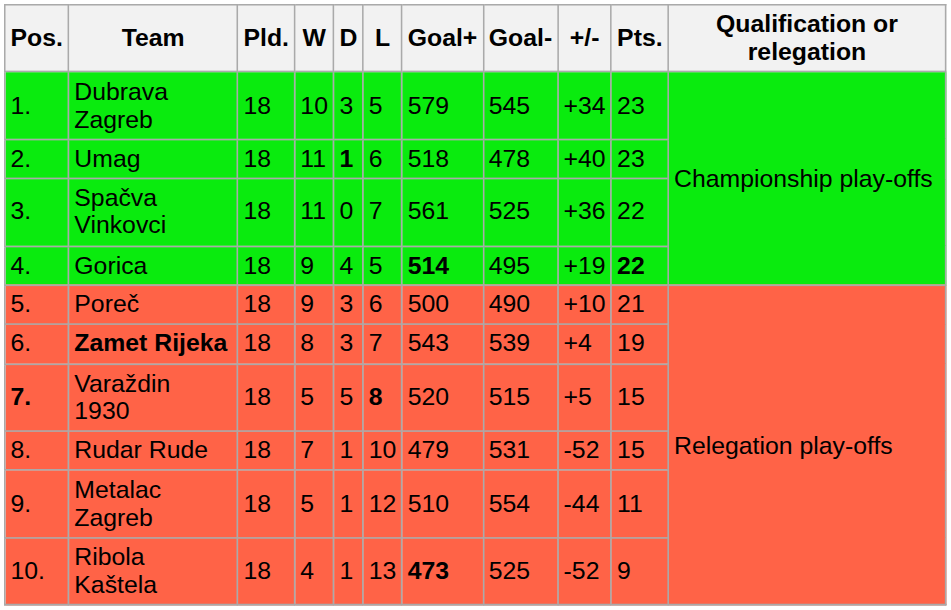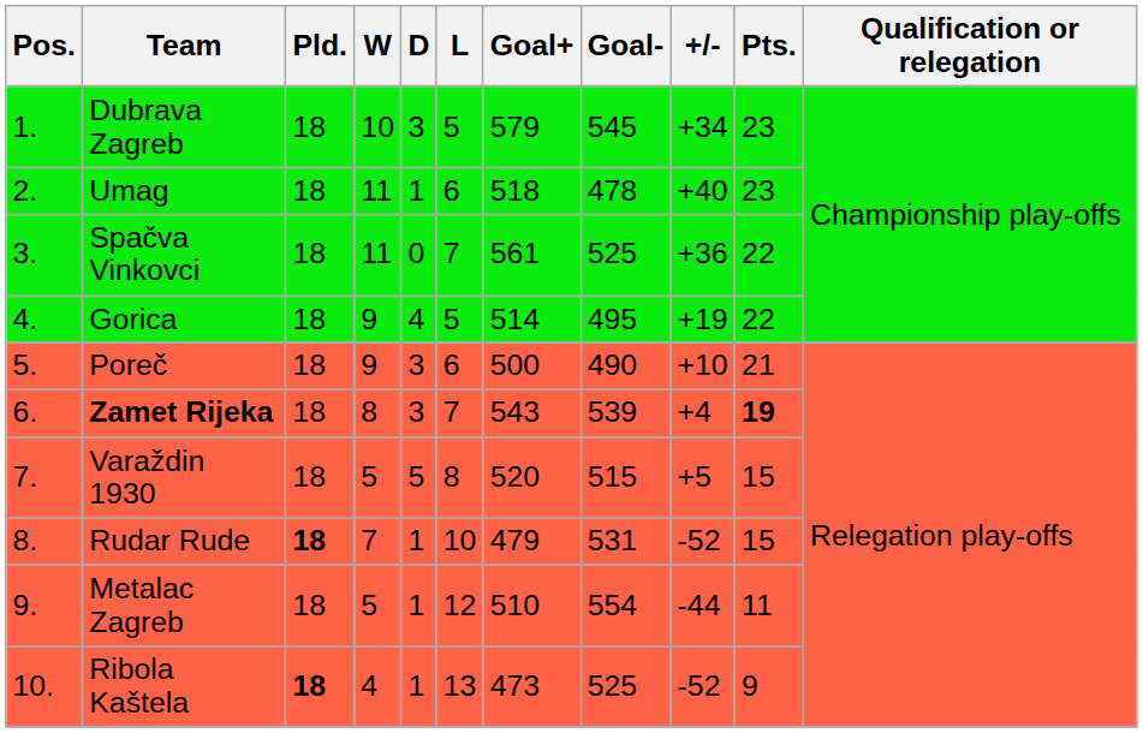 <table class="wikitable">
 <tr>
 <th>Pos.</th>
 <th>Team</th>
 <th>Pld.</th>
 <th>W</th>
 <th>D</th>
 <th>L</th>
 <th>Goal+</th>
 <th>Goal-</th>
 <th>+/-</th>
 <th>Pts.</th>
 <th>Qualification or relegation</th>
 </tr>
 <tr bgcolor="paleblue">
 <td>1.</td>
 <td>Dubrava Zagreb</td>
 <td>18</td>
 <td>10</td>
 <td>3</td>
 <td>5</td>
 <td>579</td>
 <td>545</td>
 <td>+34</td>
 <td>23</td>
 <td rowspan="4">Championship play-offs</td>
 </tr>
 <tr bgcolor="paleblue">
 <td>2.</td>
 <td>Umag</td>
 <td>18</td>
 <td>11</td>
-<td><strong>1</strong></td>
+<td>1</td>
 <td>6</td>
 <td>518</td>
 <td>478</td>
 <td>+40</td>
 <td>23</td>
 </tr>
 <tr bgcolor="paleblue">
 <td>3.</td>
 <td>Spačva Vinkovci</td>
 <td>18</td>
 <td>11</td>
 <td>0</td>
 <td>7</td>
 <td>561</td>
 <td>525</td>
 <td>+36</td>
 <td>22</td>
 </tr>
 <tr bgcolor="paleblue">
 <td>4.</td>
 <td>Gorica</td>
 <td>18</td>
 <td>9</td>
 <td>4</td>
 <td>5</td>
-<td><strong>514</strong></td>
+<td>514</td>
 <td>495</td>
 <td>+19</td>
-<td><strong>22</strong></td>
+<td>22</td>
 </tr>
 <tr bgcolor="tomato">
 <td>5.</td>
 <td>Poreč</td>
 <td>18</td>
 <td>9</td>
 <td>3</td>
 <td>6</td>
 <td>500</td>
 <td>490</td>
 <td>+10</td>
 <td>21</td>
 <td rowspan="6">Relegation play-offs</td>
 </tr>
 <tr bgcolor="tomato">
 <td>6.</td>
 <td><strong>Zamet Rijeka</strong></td>
 <td>18</td>
 <td>8</td>
 <td>3</td>
 <td>7</td>
 <td>543</td>
 <td>539</td>
 <td>+4</td>
-<td>19</td>
+<td><strong>19</strong></td>
 </tr>
 <tr bgcolor="tomato">
-<td><strong>7.</strong></td>
+<td>7.</td>
 <td>Varaždin 1930</td>
 <td>18</td>
 <td>5</td>
 <td>5</td>
-<td><strong>8</strong></td>
+<td>8</td>
 <td>520</td>
 <td>515</td>
 <td>+5</td>
 <td>15</td>
 </tr>
 <tr bgcolor="tomato">
 <td>8.</td>
 <td>Rudar Rude</td>
-<td>18</td>
+<td><strong>18</strong></td>
 <td>7</td>
 <td>1</td>
 <td>10</td>
 <td>479</td>
 <td>531</td>
 <td>-52</td>
 <td>15</td>
 </tr>
 <tr bgcolor="tomato">
 <td>9.</td>
 <td>Metalac Zagreb</td>
 <td>18</td>
 <td>5</td>
 <td>1</td>
 <td>12</td>
 <td>510</td>
 <td>554</td>
 <td>-44</td>
 <td>11</td>
 </tr>
 <tr bgcolor="tomato">
 <td>10.</td>
 <td>Ribola Kaštela</td>
-<td>18</td>
+<td><strong>18</strong></td>
 <td>4</td>
 <td>1</td>
 <td>13</td>
-<td><strong>473</strong></td>
+<td>473</td>
 <td>525</td>
 <td>-52</td>
 <td>9</td>
 </tr>
 <tr>
 </tr>
 </table>
